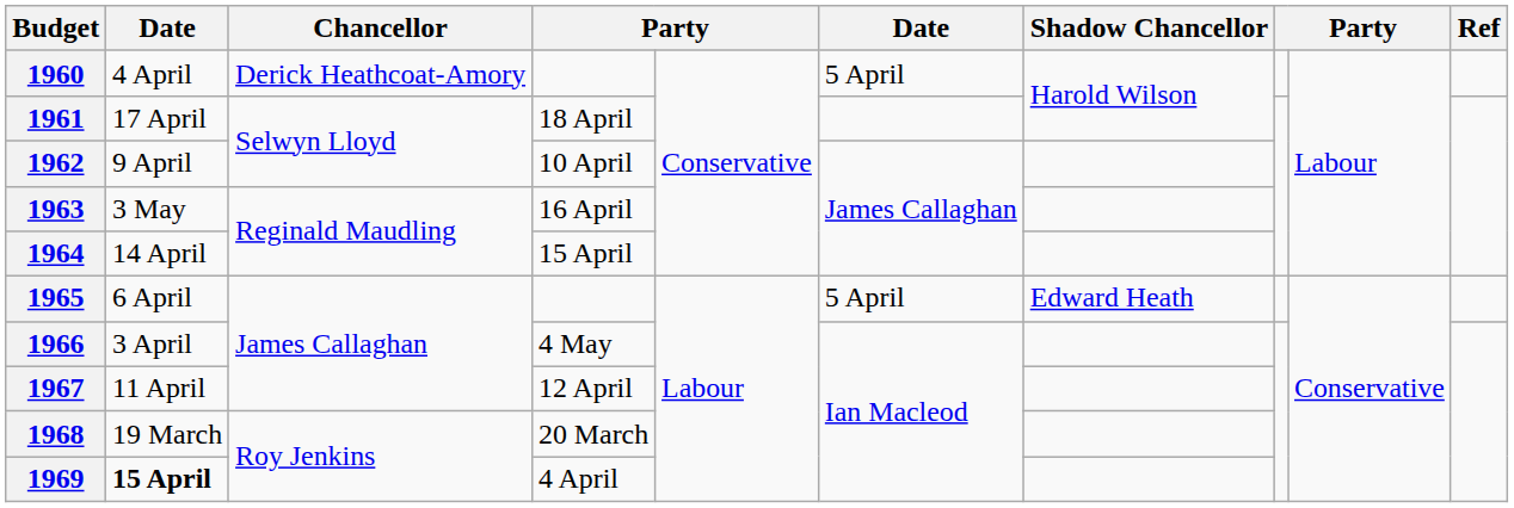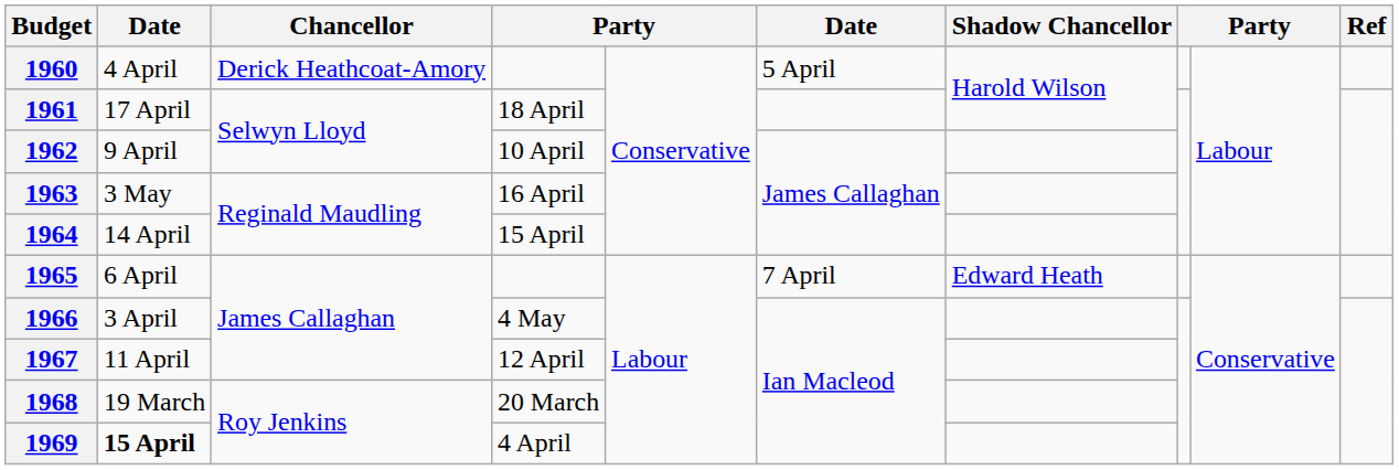 <table class= "wikitable">
 <tr>
 <th scope= "col">Budget</th>
 <th scope= "col">Date</th>
 <th scope= "col">Chancellor</th>
 <th colspan= "2">Party</th>
 <th scope= "col">Date</th>
 <th scope= "col">Shadow Chancellor</th>
 <th colspan= "2">Party</th>
 <th scope= "col">Ref</th>
 </tr>
 <tr>
 <th><a href='#'>1960</a></th>
 <td>4 April</td>
 <td><a href='#'>Derick Heathcoat-Amory</a></td>
 <td style="background-color: "></td>
 <td rowspan= "5"><a href='#'>Conservative</a></td>
 <td>5 April</td>
 <td rowspan="2"><a href='#'>Harold Wilson</a></td>
 <td style="background-color: "></td>
 <td rowspan= "5"><a href='#'>Labour</a></td>
 <td></td>
 </tr>
 <tr>
 <th><a href='#'>1961</a></th>
 <td>17 April</td>
 <td rowspan="2"><a href='#'>Selwyn Lloyd</a></td>
 <td>18 April</td>
 <td></td>
 </tr>
 <tr>
 <th><a href='#'>1962</a></th>
 <td>9 April</td>
 <td>10 April</td>
 <td rowspan="3"><a href='#'>James Callaghan</a></td>
 <td></td>
 </tr>
 <tr>
 <th><a href='#'>1963</a></th>
 <td>3 May</td>
 <td rowspan="2"><a href='#'>Reginald Maudling</a></td>
 <td>16 April</td>
 <td></td>
 </tr>
 <tr>
 <th><a href='#'>1964</a></th>
 <td>14 April</td>
 <td>15 April</td>
 <td></td>
 </tr>
 <tr>
 <th><a href='#'>1965</a></th>
 <td>6 April</td>
 <td rowspan="3"><a href='#'>James Callaghan</a></td>
 <td style="background-color: "></td>
 <td rowspan= "5"><a href='#'>Labour</a></td>
-<td>5 April</td>
+<td>7 April</td>
 <td><a href='#'>Edward Heath</a></td>
 <td style="background-color: "></td>
 <td rowspan= "5"><a href='#'>Conservative</a></td>
 <td></td>
 </tr>
 <tr>
 <th><a href='#'>1966</a></th>
 <td>3 April</td>
 <td>4 May</td>
 <td rowspan="4"><a href='#'>Ian Macleod</a></td>
 <td></td>
 </tr>
 <tr>
 <th><a href='#'>1967</a></th>
 <td>11 April</td>
 <td>12 April</td>
 <td></td>
 </tr>
 <tr>
 <th><a href='#'>1968</a></th>
 <td>19 March</td>
 <td rowspan="2"><a href='#'>Roy Jenkins</a></td>
 <td>20 March</td>
 <td></td>
 </tr>
 <tr>
 <th><a href='#'>1969</a></th>
 <td><strong>15 April</strong></td>
 <td>4 April</td>
 <td></td>
 </tr>
 </table>
